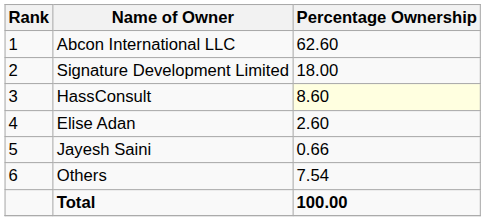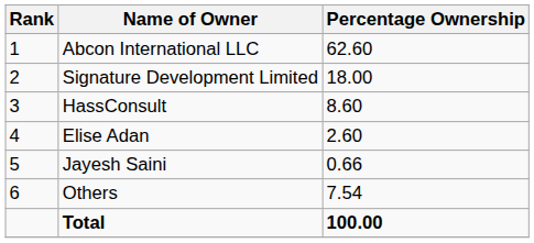 <table class="wikitable sortable" style="margin: 0.5em auto">
 <tr>
 <th>Rank</th>
 <th>Name of Owner</th>
 <th>Percentage Ownership</th>
 </tr>
 <tr>
 <td>1</td>
 <td>Abcon International LLC</td>
 <td>62.60</td>
 </tr>
 <tr>
 <td>2</td>
 <td>Signature Development Limited</td>
 <td>18.00</td>
 </tr>
 <tr>
 <td>3</td>
 <td>HassConsult</td>
-<td style="background: lightyellow;">8.60</td>
+<td>8.60</td>
 </tr>
 <tr>
 <td>4</td>
 <td>Elise Adan</td>
 <td>2.60</td>
 </tr>
 <tr>
 <td>5</td>
 <td>Jayesh Saini</td>
 <td>0.66</td>
 </tr>
 <tr>
 <td>6</td>
 <td>Others</td>
 <td>7.54</td>
 </tr>
 <tr>
 <td></td>
 <td><strong>Total</strong></td>
 <td><strong>100.00</strong></td>
 </tr>
 <tr>
 </tr>
 </table>
